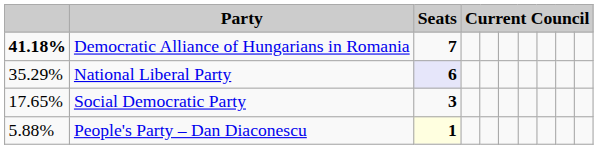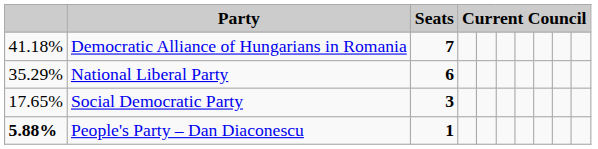 <table class="wikitable">
 <tr>
 <th style="background:#ccc">   </th>
 <th style="background:#ccc">Party</th>
 <th style="background:#ccc">Seats</th>
 <th style="background:#ccc" colspan="7">Current Council</th>
 </tr>
 <tr>
-<td><strong> 41.18%</strong></td>
+<td> 41.18%</td>
 <td><a href='#'>Democratic Alliance of Hungarians in Romania</a></td>
 <td style="text-align: right"><strong>7</strong></td>
 <td>  </td>
 <td>  </td>
 <td>  </td>
 <td>  </td>
 <td>  </td>
 <td>  </td>
 <td>  </td>
 </tr>
 <tr>
 <td> 35.29%</td>
 <td><a href='#'>National Liberal Party</a></td>
-<td style="background: lavender; text-align: right"><strong>6</strong></td>
+<td style="text-align: right"><strong>6</strong></td>
 <td>  </td>
 <td>  </td>
 <td>  </td>
 <td>  </td>
 <td>  </td>
 <td>  </td>
 <td> </td>
 </tr>
 <tr>
 <td> 17.65%</td>
 <td><a href='#'>Social Democratic Party</a></td>
 <td style="text-align: right"><strong>3</strong></td>
 <td>  </td>
 <td>  </td>
 <td>  </td>
 <td> </td>
 <td> </td>
 <td> </td>
 <td> </td>
 </tr>
 <tr>
-<td> 5.88%</td>
+<td><strong> 5.88%</strong></td>
 <td><a href='#'>People's Party – Dan Diaconescu</a></td>
-<td style="background: lightyellow; text-align: right"><strong>1</strong></td>
+<td style="text-align: right"><strong>1</strong></td>
 <td>  </td>
 <td> </td>
 <td> </td>
 <td> </td>
 <td> </td>
 <td> </td>
 <td> </td>
 </tr>
 </table>
